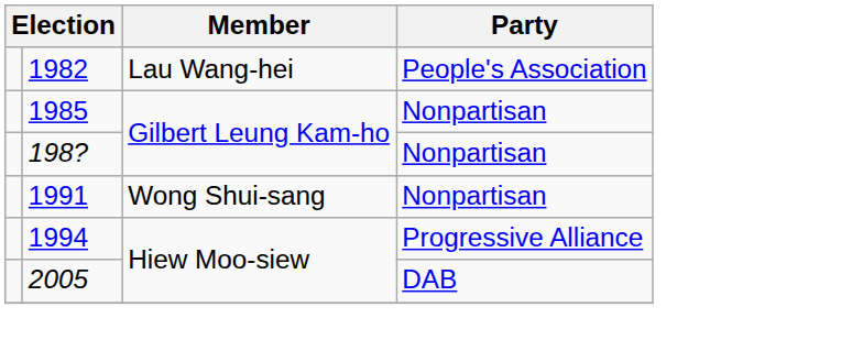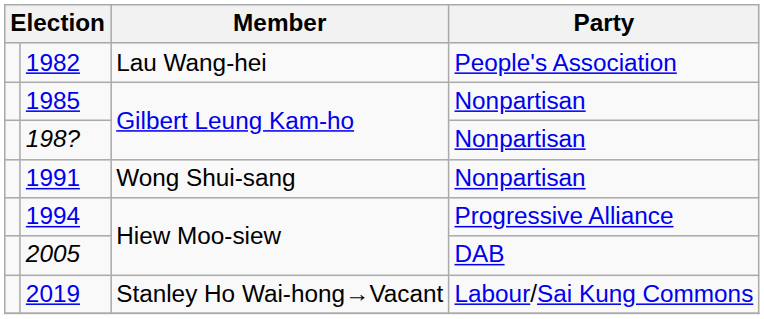 <table class="wikitable">
 <tr>
 <th colspan="2">Election</th>
 <th>Member</th>
 <th>Party</th>
 </tr>
 <tr>
 <td style="color:inherit;background:"></td>
 <td><a href='#'>1982</a></td>
 <td>Lau Wang-hei</td>
 <td><a href='#'>People's Association</a></td>
 </tr>
 <tr>
 <td style="color:inherit;background:"></td>
 <td><a href='#'>1985</a></td>
 <td rowspan=2><a href='#'>Gilbert Leung Kam-ho</a></td>
 <td><a href='#'>Nonpartisan</a></td>
 </tr>
 <tr>
 <td style="color:inherit;background:"></td>
 <td><em>198?</em></td>
 <td><a href='#'>Nonpartisan</a></td>
 </tr>
 <tr>
 <td style="color:inherit;background:"></td>
 <td><a href='#'>1991</a></td>
 <td>Wong Shui-sang</td>
 <td><a href='#'>Nonpartisan</a></td>
 </tr>
 <tr>
 <td style="color:inherit;background:"></td>
 <td><a href='#'>1994</a></td>
 <td rowspan=2>Hiew Moo-siew</td>
 <td><a href='#'>Progressive Alliance</a></td>
 </tr>
 <tr>
 <td style="color:inherit;background:"></td>
 <td><em>2005</em></td>
 <td><a href='#'>DAB</a></td>
 </tr>
 <tr>
+<td style="color:inherit;background:"></td>
+<td><a href='#'>2019</a></td>
+<td>Stanley Ho Wai-hong→Vacant</td>
+<td><a href='#'>Labour</a>/<a href='#'>Sai Kung Commons</a></td>
+</tr>
+<tr>
 </tr>
 </table>
